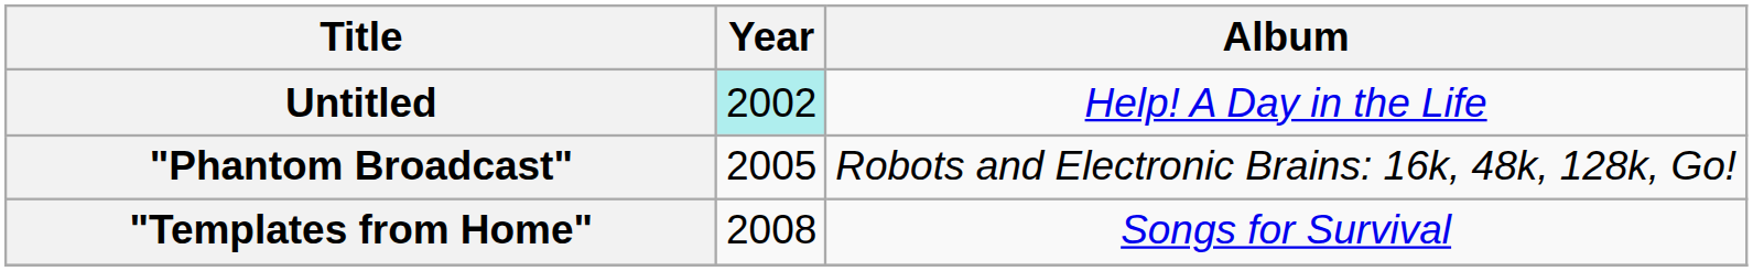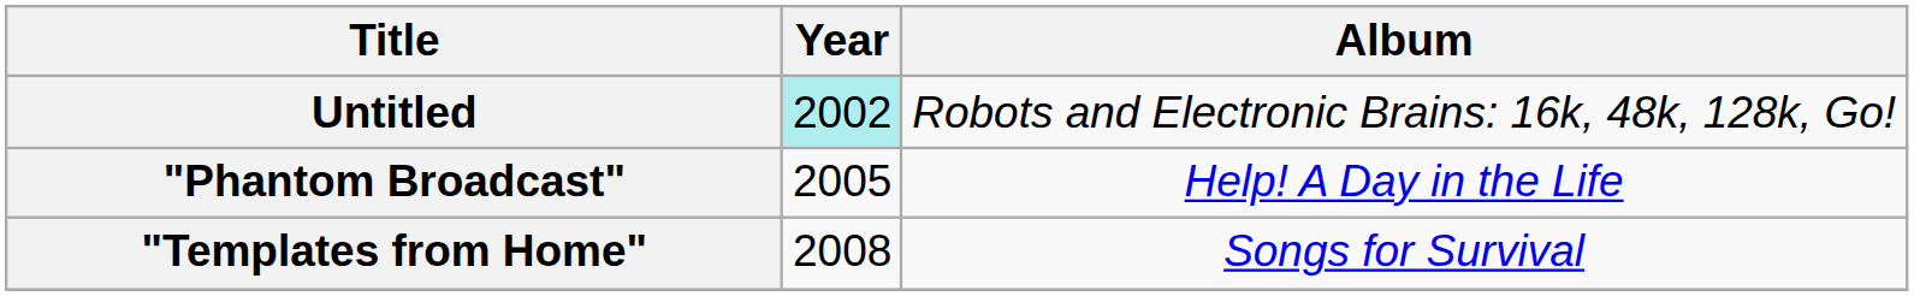 <table class="wikitable plainrowheaders" style="text-align:center;" border="1">
 <tr>
 <th scope="col" style="width:17em;">Title</th>
 <th scope="col">Year</th>
 <th scope="col">Album</th>
 </tr>
 <tr>
 <th scope="row">Untitled</th>
 <td style="background: paleturquoise;">2002</td>
-<td><em><a href='#'>Help! A Day in the Life</a></em></td>
+<td><em>Robots and Electronic Brains: 16k, 48k, 128k, Go!</em></td>
 </tr>
 <tr>
 <th scope="row">"Phantom Broadcast"</th>
 <td>2005</td>
-<td><em>Robots and Electronic Brains: 16k, 48k, 128k, Go!</em></td>
+<td><em><a href='#'>Help! A Day in the Life</a></em></td>
 </tr>
 <tr>
 <th scope="row">"Templates from Home"</th>
 <td>2008</td>
 <td><em><a href='#'>Songs for Survival</a></em></td>
 </tr>
 <tr>
 </tr>
 </table>
